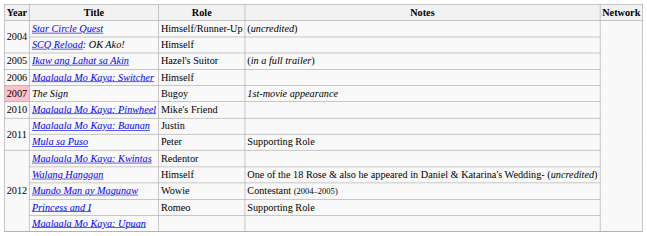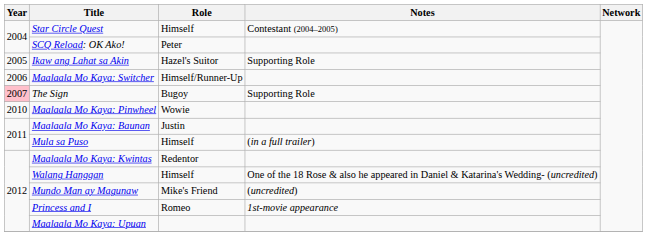 <table class="wikitable sortable">
 <tr>
 <th>Year</th>
 <th>Title</th>
 <th>Role</th>
 <th>Notes</th>
 <th>Network</th>
 </tr>
 <tr>
 <td rowspan=2>2004</td>
 <td><em><a href='#'>Star Circle Quest</a></em></td>
-<td>Himself/Runner-Up</td>
-<td>(<em>uncredited</em>)</td>
+<td>Himself</td>
+<td>Contestant <small>(2004–2005)</small></td>
 <td rowspan=13></td>
 </tr>
 <tr>
 <td><em><a href='#'>SCQ Reload</a>: OK Ako!</em></td>
-<td>Himself</td>
+<td>Peter</td>
 <td></td>
 </tr>
 <tr>
 <td>2005</td>
 <td><em><a href='#'>Ikaw ang Lahat sa Akin</a></em></td>
 <td>Hazel's Suitor</td>
-<td>(<em>in a full trailer</em>)</td>
+<td>Supporting Role</td>
 </tr>
 <tr>
 <td>2006</td>
 <td><em><a href='#'>Maalaala Mo Kaya: Switcher</a></em></td>
-<td>Himself</td>
+<td>Himself/Runner-Up</td>
 <td></td>
 </tr>
 <tr>
 <td style="background: pink;">2007</td>
 <td><em>The Sign</em></td>
 <td>Bugoy</td>
-<td><em>1st-movie appearance</em></td>
+<td>Supporting Role</td>
 </tr>
 <tr>
 <td>2010</td>
 <td><em><a href='#'>Maalaala Mo Kaya: Pinwheel</a></em></td>
-<td>Mike's Friend</td>
+<td>Wowie</td>
 <td></td>
 </tr>
 <tr>
 <td rowspan=2>2011</td>
 <td><em><a href='#'>Maalaala Mo Kaya: Baunan</a></em></td>
 <td>Justin</td>
 <td></td>
 </tr>
 <tr>
 <td><em><a href='#'>Mula sa Puso</a></em></td>
-<td>Peter</td>
-<td>Supporting Role</td>
+<td>Himself</td>
+<td>(<em>in a full trailer</em>)</td>
 </tr>
 <tr>
 <td rowspan=5>2012</td>
 <td><em><a href='#'>Maalaala Mo Kaya: Kwintas</a></em></td>
 <td>Redentor</td>
 <td></td>
 </tr>
 <tr>
 <td><em><a href='#'>Walang Hanggan</a></em></td>
 <td>Himself</td>
 <td>One of the 18 Rose & also he appeared in Daniel & Katarina's Wedding- (<em>uncredited</em>)</td>
 </tr>
 <tr>
 <td><em><a href='#'>Mundo Man ay Magunaw</a></em></td>
-<td>Wowie</td>
-<td>Contestant <small>(2004–2005)</small></td>
+<td>Mike's Friend</td>
+<td>(<em>uncredited</em>)</td>
 </tr>
 <tr>
 <td><em><a href='#'>Princess and I</a></em></td>
 <td>Romeo</td>
-<td>Supporting Role</td>
+<td><em>1st-movie appearance</em></td>
 </tr>
 <tr>
 <td><em><a href='#'>Maalaala Mo Kaya: Upuan</a></em></td>
 <td></td>
 <td></td>
 </tr>
 <tr>
 </tr>
 </table>
